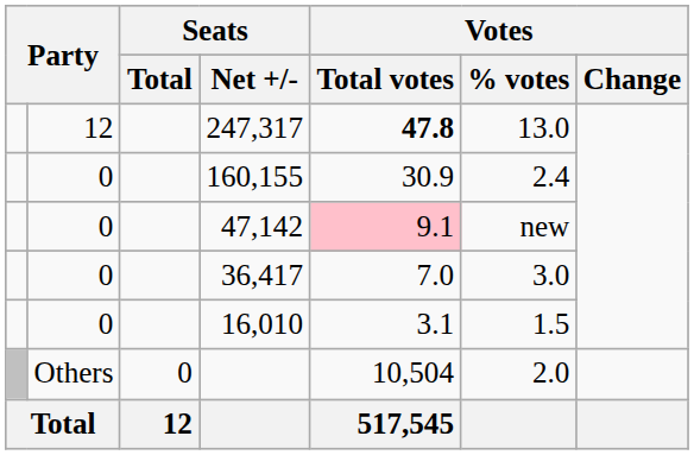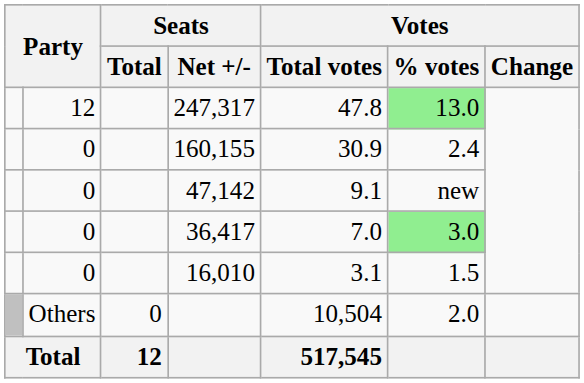 <table class="wikitable" style="text-align:right; font-size:95%;">
 <tr>
 <th colspan="2" rowspan="2">Party</th>
 <th colspan="2">Seats</th>
 <th colspan="3">Votes</th>
 </tr>
 <tr>
 <th>Total</th>
 <th>Net +/-</th>
 <th>Total votes</th>
 <th>% votes</th>
 <th>Change</th>
 </tr>
 <tr>
 <td></td>
 <td>12</td>
 <td></td>
 <td>247,317</td>
-<td><strong>47.8</strong></td>
-<td>13.0</td>
+<td>47.8</td>
+<td style="background: lightgreen;">13.0</td>
 </tr>
 <tr>
 <td></td>
 <td>0</td>
 <td></td>
 <td>160,155</td>
 <td>30.9</td>
 <td>2.4</td>
 </tr>
 <tr>
 <td></td>
 <td>0</td>
 <td></td>
 <td>47,142</td>
-<td style="background: pink;">9.1</td>
+<td>9.1</td>
 <td>new</td>
 </tr>
 <tr>
 <td></td>
 <td>0</td>
 <td></td>
 <td>36,417</td>
 <td>7.0</td>
-<td>3.0</td>
+<td style="background: lightgreen;">3.0</td>
 </tr>
 <tr>
 <td></td>
 <td>0</td>
 <td></td>
 <td>16,010</td>
 <td>3.1</td>
 <td>1.5</td>
 </tr>
 <tr>
 <td style="background:silver;"> </td>
 <td align=left>Others</td>
 <td>0</td>
 <td></td>
 <td>10,504</td>
 <td>2.0</td>
 <td></td>
 </tr>
 <tr>
 <th colspan="2" style="background:#f2f2f2">Total</th>
 <td style="background:#f2f2f2;"><strong>12</strong></td>
 <td style="background:#f2f2f2;"></td>
 <td style="background:#f2f2f2;"><strong>517,545</strong></td>
 <td style="background:#f2f2f2;"></td>
 <td style="background:#f2f2f2;"></td>
 </tr>
 </table>
